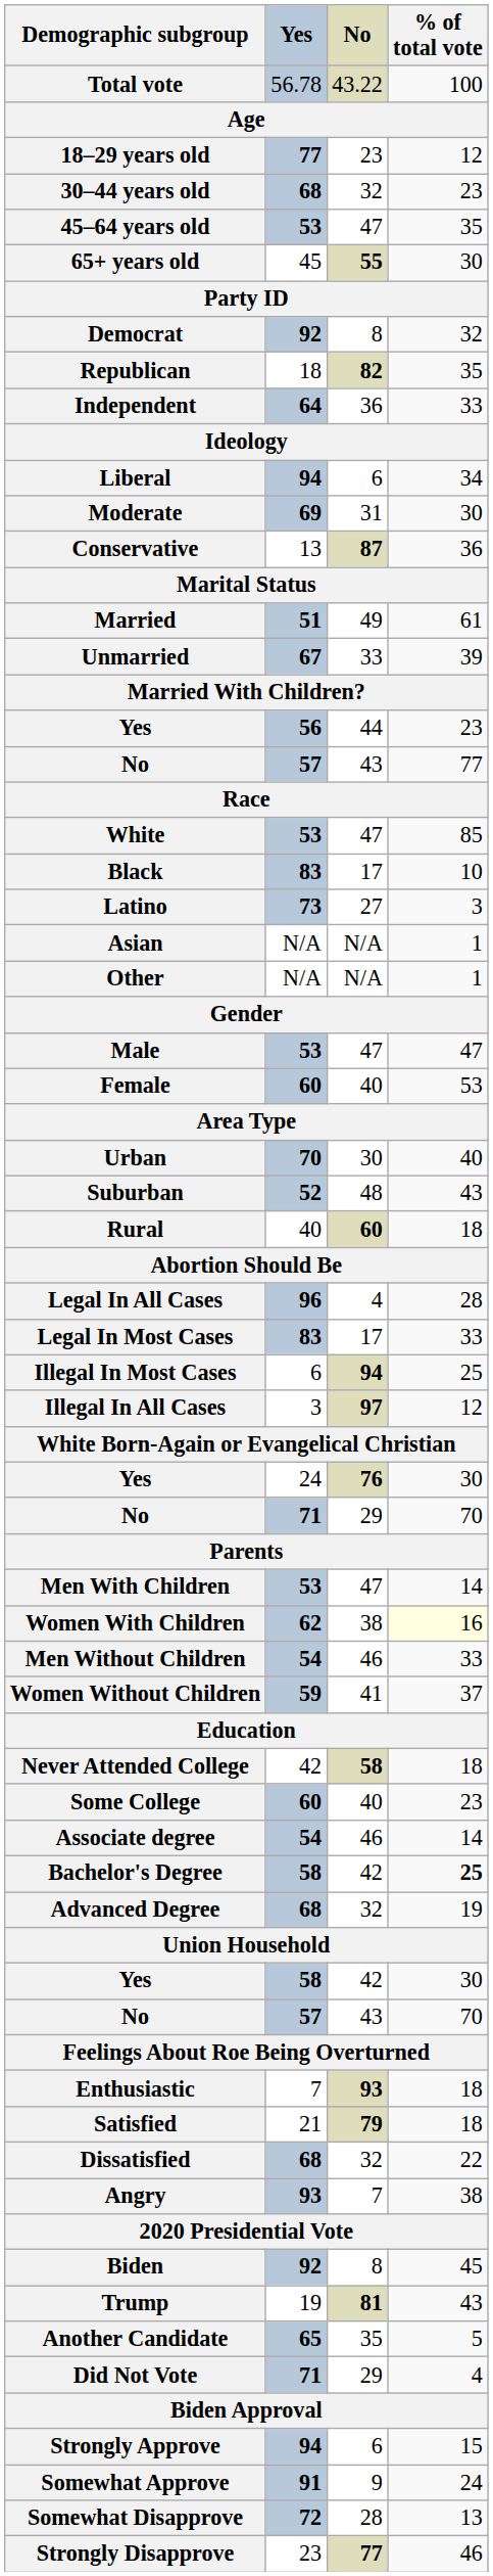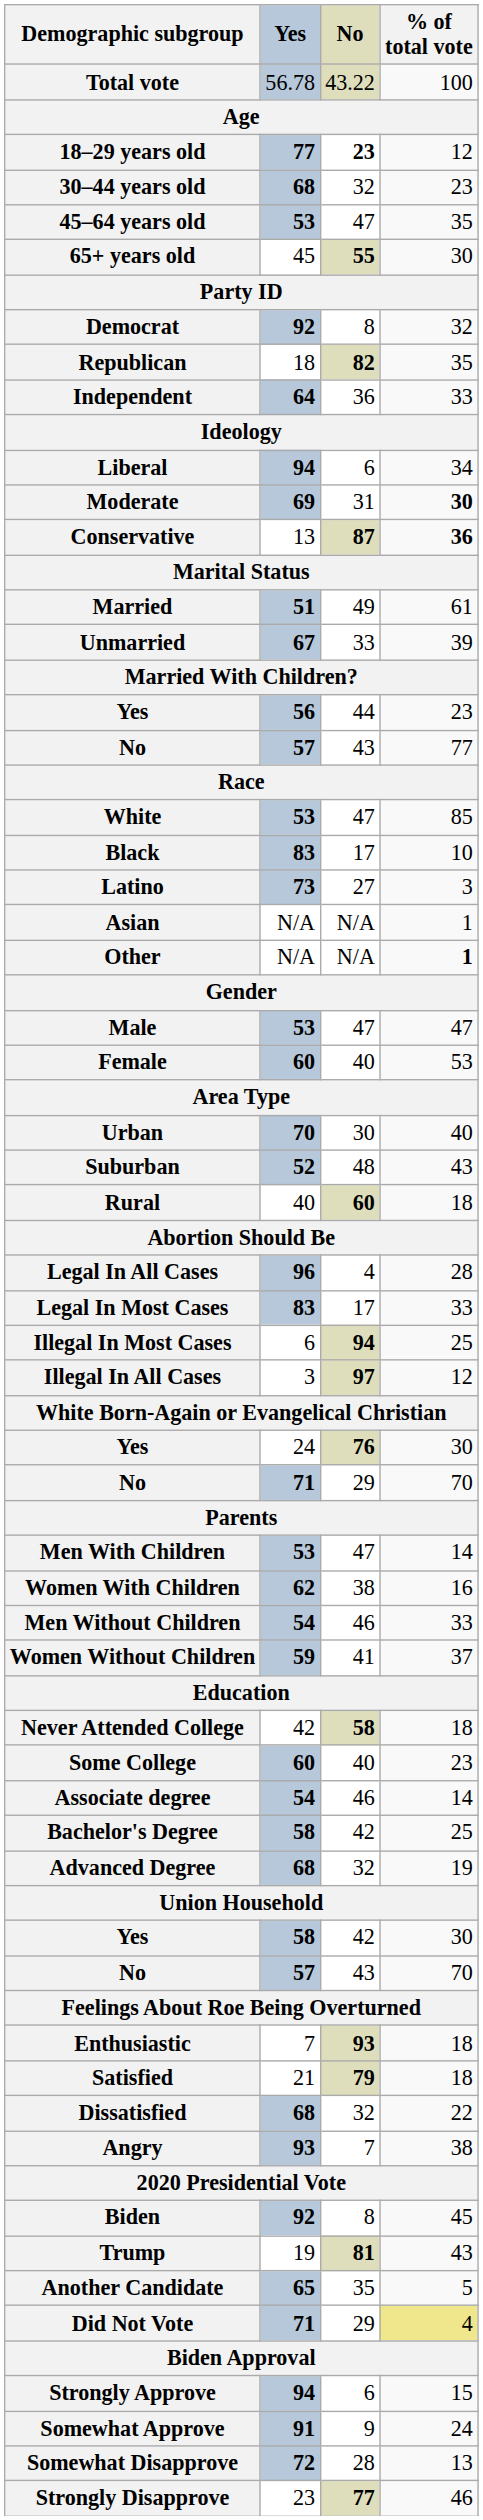 <table class="wikitable sortable" style="text-align:right">
 <tr>
 <th scope="col">Demographic subgroup</th>
 <th style="background:#B6C8D9;">Yes</th>
 <th style="background:#DEDEBD;">No</th>
 <th>% of<br>total vote</th>
 </tr>
 <tr>
 <th scope="row">Total vote</th>
 <td style="background:#B6C8D9;">56.78</td>
 <td style="background:#DEDEBD;">43.22</td>
 <td>100</td>
 </tr>
 <tr>
 <th colspan=5>Age</th>
 </tr>
 <tr>
 <th scope="row">18–29 years old</th>
 <td style="background:#B6C8D9;"><strong>77</strong></td>
-<td style="background:#FFFFFF ;">23</td>
+<td style="background:#FFFFFF ;"><strong>23</strong></td>
 <td>12</td>
 </tr>
 <tr>
 <th scope="row">30–44 years old</th>
 <td style="background:#B6C8D9;"><strong>68</strong></td>
 <td style="background:#FFFFFF ;">32</td>
 <td>23</td>
 </tr>
 <tr>
 <th scope="row">45–64 years old</th>
 <td style="background:#B6C8D9;"><strong>53</strong></td>
 <td style="background:#FFFFFF ;">47</td>
 <td>35</td>
 </tr>
 <tr>
 <th scope="row">65+ years old</th>
 <td style="background:#FFFFFF ;">45</td>
 <td style="background:#DEDEBD;"><strong>55</strong></td>
 <td>30</td>
 </tr>
 <tr>
 <th colspan=5>Party ID</th>
 </tr>
 <tr>
 <th scope="row">Democrat</th>
 <td style="background:#B6C8D9;"><strong>92</strong></td>
 <td style="background:#FFFFFF ;">8</td>
 <td>32</td>
 </tr>
 <tr>
 <th scope="row">Republican</th>
 <td style="background:#FFFFFF ;">18</td>
 <td style="background:#DEDEBD;"><strong>82</strong></td>
 <td>35</td>
 </tr>
 <tr>
 <th scope="row">Independent</th>
 <td style="background:#B6C8D9;"><strong>64</strong></td>
 <td style="background:#FFFFFF ;">36</td>
 <td>33</td>
 </tr>
 <tr>
 <th colspan=5>Ideology</th>
 </tr>
 <tr>
 <th scope="row">Liberal</th>
 <td style="background:#B6C8D9;"><strong>94</strong></td>
 <td style="background:#FFFFFF ;">6</td>
 <td>34</td>
 </tr>
 <tr>
 <th scope="row">Moderate</th>
 <td style="background:#B6C8D9;"><strong>69</strong></td>
 <td style="background:#FFFFFF ;">31</td>
-<td>30</td>
+<td><strong>30</strong></td>
 </tr>
 <tr>
 <th scope="row">Conservative</th>
 <td style="background:#FFFFFF ;">13</td>
 <td style="background:#DEDEBD;"><strong>87</strong></td>
-<td>36</td>
+<td><strong>36</strong></td>
 </tr>
 <tr>
 <th colspan=5>Marital Status</th>
 </tr>
 <tr>
 <th scope="row">Married</th>
 <td style="background:#B6C8D9;"><strong>51</strong></td>
 <td style="background:#FFFFFF ;">49</td>
 <td>61</td>
 </tr>
 <tr>
 <th scope="row">Unmarried</th>
 <td style="background:#B6C8D9;"><strong>67</strong></td>
 <td style="background:#FFFFFF ;">33</td>
 <td>39</td>
 </tr>
 <tr>
 <th colspan=5>Married With Children?</th>
 </tr>
 <tr>
 <th scope="row">Yes</th>
 <td style="background:#B6C8D9;"><strong>56</strong></td>
 <td style="background:#FFFFFF ;">44</td>
 <td>23</td>
 </tr>
 <tr>
 <th scope="row">No</th>
 <td style="background:#B6C8D9;"><strong>57</strong></td>
 <td style="background:#FFFFFF ;">43</td>
 <td>77</td>
 </tr>
 <tr>
 <th colspan=5>Race</th>
 </tr>
 <tr>
 <th scope="row">White</th>
 <td style="background:#B6C8D9;"><strong>53</strong></td>
 <td style="background:#FFFFFF ;">47</td>
 <td>85</td>
 </tr>
 <tr>
 <th scope="row">Black</th>
 <td style="background:#B6C8D9;"><strong>83</strong></td>
 <td style="background:#FFFFFF ;">17</td>
 <td>10</td>
 </tr>
 <tr>
 <th scope="row">Latino</th>
 <td style="background:#B6C8D9 ;"><strong>73</strong></td>
 <td style="background:#FFFFFF ;">27</td>
 <td>3</td>
 </tr>
 <tr>
 <th scope="row">Asian</th>
 <td style="background:#FFFFFF ;">N/A</td>
 <td style="background:#FFFFFF ;">N/A</td>
 <td>1</td>
 </tr>
 <tr>
 <th scope="row">Other</th>
 <td style="background:#FFFFFF ;">N/A</td>
 <td style="background:#FFFFFF ;">N/A</td>
-<td>1</td>
+<td><strong>1</strong></td>
 </tr>
 <tr>
 <th colspan=5>Gender</th>
 </tr>
 <tr>
 <th scope="row">Male</th>
 <td style="background:#B6C8D9;"><strong>53</strong></td>
 <td style="background:#FFFFFF ;">47</td>
 <td>47</td>
 </tr>
 <tr>
 <th scope="row">Female</th>
 <td style="background:#B6C8D9;"><strong>60</strong></td>
 <td style="background:#FFFFFF ;">40</td>
 <td>53</td>
 </tr>
 <tr>
 <th colspan=5>Area Type</th>
 </tr>
 <tr>
 <th scope="row">Urban</th>
 <td style="background:#B6C8D9;"><strong>70</strong></td>
 <td style="background:#FFFFFF ;">30</td>
 <td>40</td>
 </tr>
 <tr>
 <th scope="row">Suburban</th>
 <td style="background:#B6C8D9;"><strong>52</strong></td>
 <td style="background:#FFFFFF ;">48</td>
 <td>43</td>
 </tr>
 <tr>
 <th scope="row">Rural</th>
 <td style="background:#FFFFFF ;">40</td>
 <td style="background:#DEDEBD;"><strong>60</strong></td>
 <td>18</td>
 </tr>
 <tr>
 <th colspan=5>Abortion Should Be</th>
 </tr>
 <tr>
 <th scope="row">Legal In All Cases</th>
 <td style="background:#B6C8D9;"><strong>96</strong></td>
 <td style="background:#FFFFFF ;">4</td>
 <td>28</td>
 </tr>
 <tr>
 <th scope="row">Legal In Most Cases</th>
 <td style="background:#B6C8D9;"><strong>83</strong></td>
 <td style="background:#FFFFFF ;">17</td>
 <td>33</td>
 </tr>
 <tr>
 <th scope="row">Illegal In Most Cases</th>
 <td style="background:#FFFFFF ;">6</td>
 <td style="background:#DEDEBD;"><strong>94</strong></td>
 <td>25</td>
 </tr>
 <tr>
 <th scope="row">Illegal In All Cases</th>
 <td style="background:#FFFFFF ;">3</td>
 <td style="background:#DEDEBD;"><strong>97</strong></td>
 <td>12</td>
 </tr>
 <tr>
 <th colspan=5>White Born-Again or Evangelical Christian</th>
 </tr>
 <tr>
 <th scope="row">Yes</th>
 <td style="background:#FFFFFF ;">24</td>
 <td style="background:#DEDEBD;"><strong>76</strong></td>
 <td>30</td>
 </tr>
 <tr>
 <th scope="row">No</th>
 <td style="background:#B6C8D9;"><strong>71</strong></td>
 <td style="background:#FFFFFF ;">29</td>
 <td>70</td>
 </tr>
 <tr>
 <th colspan=5>Parents</th>
 </tr>
 <tr>
 <th scope="row">Men With Children</th>
 <td style="background:#B6C8D9;"><strong>53</strong></td>
 <td style="background:#FFFFFF ;">47</td>
 <td>14</td>
 </tr>
 <tr>
 <th scope="row">Women With Children</th>
 <td style="background:#B6C8D9;"><strong>62</strong></td>
 <td style="background:#FFFFFF ;">38</td>
-<td style="background: lightyellow;">16</td>
+<td>16</td>
 </tr>
 <tr>
 <th scope="row">Men Without Children</th>
 <td style="background:#B6C8D9;"><strong>54</strong></td>
 <td style="background:#FFFFFF;">46</td>
 <td>33</td>
 </tr>
 <tr>
 <th scope="row">Women Without Children</th>
 <td style="background:#B6C8D9;"><strong>59</strong></td>
 <td style="background:#FFFFFF;">41</td>
 <td>37</td>
 </tr>
 <tr>
 <th colspan=5>Education</th>
 </tr>
 <tr>
 <th scope="row">Never Attended College</th>
 <td style="background:#FFFFFF ;">42</td>
 <td style="background:#DEDEBD;"><strong>58</strong></td>
 <td>18</td>
 </tr>
 <tr>
 <th scope="row">Some College</th>
 <td style="background:#B6C8D9;"><strong>60</strong></td>
 <td style="background:#FFFFFF ;">40</td>
 <td>23</td>
 </tr>
 <tr>
 <th scope="row">Associate degree</th>
 <td style="background:#B6C8D9;"><strong>54</strong></td>
 <td style="background:#FFFFFF;">46</td>
 <td>14</td>
 </tr>
 <tr>
 <th scope="row">Bachelor's Degree</th>
 <td style="background:#B6C8D9;"><strong>58</strong></td>
 <td style="background:#FFFFFF;">42</td>
-<td><strong>25</strong></td>
+<td>25</td>
 </tr>
 <tr>
 <th scope="row">Advanced Degree</th>
 <td style="background:#B6C8D9;"><strong>68</strong></td>
 <td style="background:#FFFFFF;">32</td>
 <td>19</td>
 </tr>
 <tr>
 <th colspan=5>Union Household</th>
 </tr>
 <tr>
 <th scope="row">Yes</th>
 <td style="background:#B6C8D9;"><strong>58</strong></td>
 <td style="background:#FFFFFF ;">42</td>
 <td>30</td>
 </tr>
 <tr>
 <th scope="row">No</th>
 <td style="background:#B6C8D9;"><strong>57</strong></td>
 <td style="background:#FFFFFF ;">43</td>
 <td>70</td>
 </tr>
 <tr>
 <th colspan=5>Feelings About Roe Being Overturned</th>
 </tr>
 <tr>
 <th scope="row">Enthusiastic</th>
 <td style="background:#FFFFFF ;">7</td>
 <td style="background:#DEDEBD;"><strong>93</strong></td>
 <td>18</td>
 </tr>
 <tr>
 <th scope="row">Satisfied</th>
 <td style="background:#FFFFFF ;">21</td>
 <td style="background:#DEDEBD;"><strong>79</strong></td>
 <td>18</td>
 </tr>
 <tr>
 <th scope="row">Dissatisfied</th>
 <td style="background:#B6C8D9;"><strong>68</strong></td>
 <td style="background:#FFFFFF ;">32</td>
 <td>22</td>
 </tr>
 <tr>
 <th scope="row">Angry</th>
 <td style="background:#B6C8D9;"><strong>93</strong></td>
 <td style="background:#FFFFFF ;">7</td>
 <td>38</td>
 </tr>
 <tr>
 <th colspan=5>2020 Presidential Vote</th>
 </tr>
 <tr>
 <th scope="row">Biden</th>
 <td style="background:#B6C8D9;"><strong>92</strong></td>
 <td style="background:#FFFFFF ;">8</td>
 <td>45</td>
 </tr>
 <tr>
 <th scope="row">Trump</th>
 <td style="background:#FFFFFF ;">19</td>
 <td style="background:#DEDEBD;"><strong>81</strong></td>
 <td>43</td>
 </tr>
 <tr>
 <th scope="row">Another Candidate</th>
 <td style="background:#B6C8D9;"><strong>65</strong></td>
 <td style="background:#FFFFFF ;">35</td>
 <td>5</td>
 </tr>
 <tr>
 <th scope="row">Did Not Vote</th>
 <td style="background:#B6C8D9;"><strong>71</strong></td>
 <td style="background:#FFFFFF ;">29</td>
-<td>4</td>
+<td style="background: khaki;">4</td>
 </tr>
 <tr>
 <th colspan=5>Biden Approval</th>
 </tr>
 <tr>
 <th scope="row">Strongly Approve</th>
 <td style="background:#B6C8D9;"><strong>94</strong></td>
 <td style="background:#FFFFFF ;">6</td>
 <td>15</td>
 </tr>
 <tr>
 <th scope="row">Somewhat Approve</th>
 <td style="background:#B6C8D9;"><strong>91</strong></td>
 <td style="background:#FFFFFF ;">9</td>
 <td>24</td>
 </tr>
 <tr>
 <th scope="row">Somewhat Disapprove</th>
 <td style="background:#B6C8D9;"><strong>72</strong></td>
 <td style="background:#FFFFFF ;">28</td>
 <td>13</td>
 </tr>
 <tr>
 <th scope="row">Strongly Disapprove</th>
 <td style="background:#FFFFFF ;">23</td>
 <td style="background:#DEDEBD;"><strong>77</strong></td>
 <td>46</td>
 </tr>
 </table>
